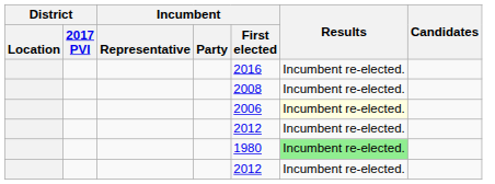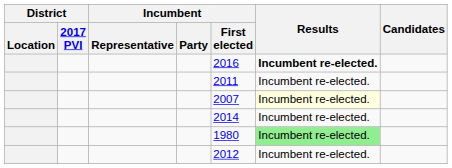 <table class="wikitable sortable">
 <tr>
 <th colspan=2>District</th>
 <th colspan=3>Incumbent</th>
 <th rowspan=2>Results</th>
 <th rowspan=2 class=unsortable>Candidates</th>
 </tr>
 <tr valign=bottom>
 <th>Location</th>
 <th><a href='#'>2017<br>PVI</a></th>
 <th>Representative</th>
 <th>Party</th>
 <th>First<br>elected</th>
 </tr>
 <tr>
 <th></th>
 <td></td>
 <td></td>
 <td></td>
 <td><a href='#'>2016</a></td>
+<td><strong>Incumbent re-elected.</strong></td>
+<td nowrap></td>
+</tr>
+<tr>
+<th></th>
+<td></td>
+<td></td>
+<td></td>
+<td><a href='#'>2011</a></td>
 <td>Incumbent re-elected.</td>
 <td nowrap></td>
 </tr>
 <tr>
 <th></th>
 <td></td>
 <td></td>
 <td></td>
-<td><a href='#'>2008</a></td>
-<td>Incumbent re-elected.</td>
-<td nowrap></td>
-</tr>
-<tr>
-<th></th>
-<td></td>
-<td></td>
-<td></td>
-<td><a href='#'>2006</a></td>
+<td><a href='#'>2007</a></td>
 <td style="background: lightyellow;">Incumbent re-elected.</td>
 <td nowrap></td>
 </tr>
 <tr>
 <th></th>
 <td></td>
 <td></td>
 <td></td>
-<td><a href='#'>2012</a></td>
+<td><a href='#'>2014</a></td>
 <td>Incumbent re-elected.</td>
 <td nowrap></td>
 </tr>
 <tr>
 <th></th>
 <td></td>
 <td></td>
 <td></td>
 <td><a href='#'>1980</a></td>
 <td style="background: lightgreen;">Incumbent re-elected.</td>
 <td nowrap></td>
 </tr>
 <tr>
 <th></th>
 <td></td>
 <td></td>
 <td></td>
 <td><a href='#'>2012</a></td>
 <td>Incumbent re-elected.</td>
 <td nowrap><br></td>
 </tr>
 </table>
